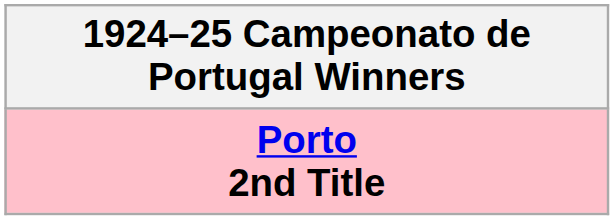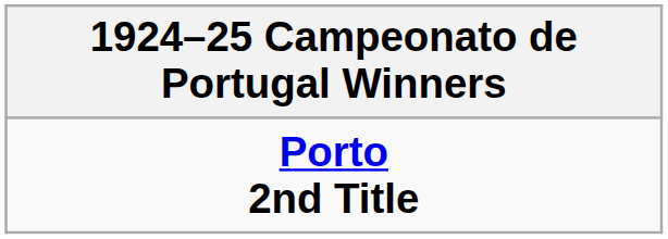 <table class="wikitable" style="text-align: center; margin: 0 auto; width: 20%">
 <tr>
 <th>1924–25 Campeonato de Portugal Winners</th>
 </tr>
 <tr>
-<td style="background: pink;"><strong><a href='#'>Porto</a></strong><br><strong>2nd Title</strong></td>
+<td><strong><a href='#'>Porto</a></strong><br><strong>2nd Title</strong></td>
 </tr>
 </table>
